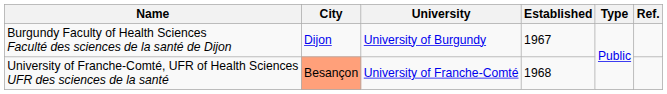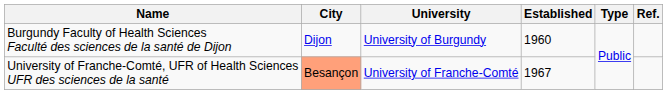 <table class="wikitable">
 <tr>
 <th>Name</th>
 <th>City</th>
 <th>University</th>
 <th>Established</th>
 <th>Type</th>
 <th>Ref.</th>
 </tr>
 <tr>
 <td>Burgundy Faculty of Health Sciences<br><em>Faculté des sciences de la santé de Dijon</em></td>
 <td><a href='#'>Dijon</a></td>
 <td><a href='#'>University of Burgundy</a></td>
-<td>1967</td>
+<td>1960</td>
 <td rowspan="2"><a href='#'>Public</a></td>
 <td></td>
 </tr>
 <tr>
 <td>University of Franche-Comté, UFR of Health Sciences<br><em>UFR des sciences de la santé</em></td>
 <td style="background: lightsalmon;">Besançon</td>
 <td><a href='#'>University of Franche-Comté</a></td>
-<td>1968</td>
+<td>1967</td>
 <td></td>
 </tr>
 </table>
